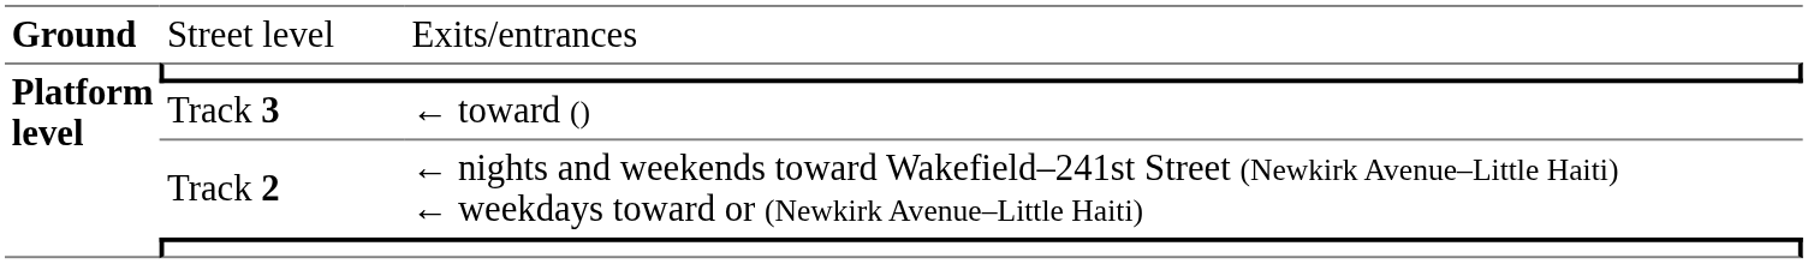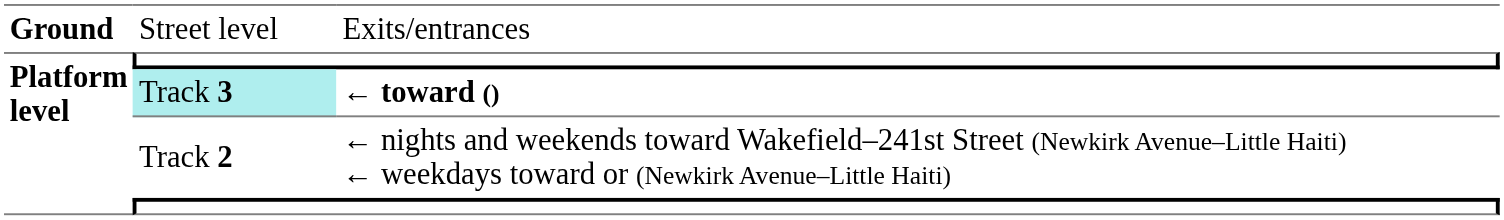 <table border="0" cellspacing="0" cellpadding="3" table>
 <tr>
 <td style="border-top:solid 1px gray;" width="50"><strong>Ground</strong></td>
 <td style="border-top:solid 1px gray;" width="100">Street level</td>
 <td style="border-top:solid 1px gray;" width="600">Exits/entrances<br></td>
 </tr>
 <tr>
 <td rowspan="4" style="border-bottom:solid 1px gray;border-top:solid 1px gray;vertical-align:top;" width="50"><strong>Platform level</strong></td>
 <td colspan="2" style="border-top:solid 1px gray;border-right:solid 2px black;border-left:solid 2px black;border-bottom:solid 2px black;text-align:center;"></td>
 </tr>
 <tr>
-<td style="border-bottom:solid 1px gray;">Track <strong>3</strong></td>
-<td style="border-bottom:solid 1px gray;">←  toward  <small>()</small></td>
+<td style="background: paleturquoise; border-bottom:solid 1px gray;">Track <strong>3</strong></td>
+<td style="border-bottom:solid 1px gray;"><strong>←  toward  <small>()</small></strong></td>
 </tr>
 <tr>
 <td>Track <strong>2</strong></td>
 <td>←  nights and weekends toward Wakefield–241st Street <small>(Newkirk Avenue–Little Haiti)</small><br>←  weekdays toward  or  <small>(Newkirk Avenue–Little Haiti)</small></td>
 </tr>
 <tr>
 <td colspan="2" style="border-bottom:solid 1px gray;border-top:solid 2px black;border-right:solid 2px black;border-left:solid 2px black;text-align:center;"></td>
 </tr>
 </table>
